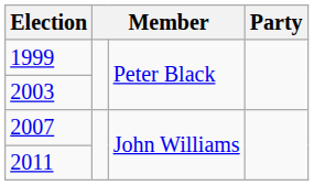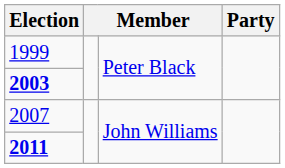 <table class="wikitable">
 <tr>
 <th>Election</th>
 <th colspan="2">Member</th>
 <th>Party</th>
 </tr>
 <tr>
 <td><a href='#'>1999</a></td>
 <td rowspan="2" > </td>
 <td rowspan="2"><a href='#'>Peter Black</a></td>
 <td rowspan="2"></td>
 </tr>
 <tr>
-<td><a href='#'>2003</a></td>
+<td><strong><a href='#'>2003</a></strong></td>
 </tr>
 <tr>
 <td><a href='#'>2007</a></td>
 <td rowspan="2" > </td>
 <td rowspan="2"><a href='#'>John Williams</a></td>
 <td rowspan="2"></td>
 </tr>
 <tr>
-<td><a href='#'>2011</a></td>
+<td><strong><a href='#'>2011</a></strong></td>
 </tr>
 </table>
